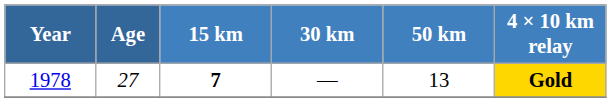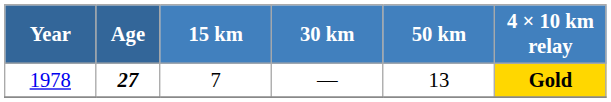 <table class="wikitable" style="font-size:95%; text-align:center; border:grey solid 1px; border-collapse:collapse; background:#ffffff;">
 <tr>
 <th style="background-color:#369; color:white; width:60px;"> Year </th>
 <th style="background-color:#369; color:white; width:40px;"> Age </th>
 <th style="background-color:#4180be; color:white; width:75px;"> 15 km </th>
 <th style="background-color:#4180be; color:white; width:75px;"> 30 km </th>
 <th style="background-color:#4180be; color:white; width:75px;"> 50 km </th>
 <th style="background-color:#4180be; color:white; width:75px;"> 4 × 10 km <br> relay </th>
 </tr>
 <tr>
 <td><a href='#'>1978</a></td>
-<td><em>27</em></td>
-<td><strong>7</strong></td>
+<td><strong><em>27</em></strong></td>
+<td>7</td>
 <td>—</td>
 <td>13</td>
 <td style="background:gold;"><strong>Gold</strong></td>
 </tr>
 <tr>
 </tr>
 </table>
